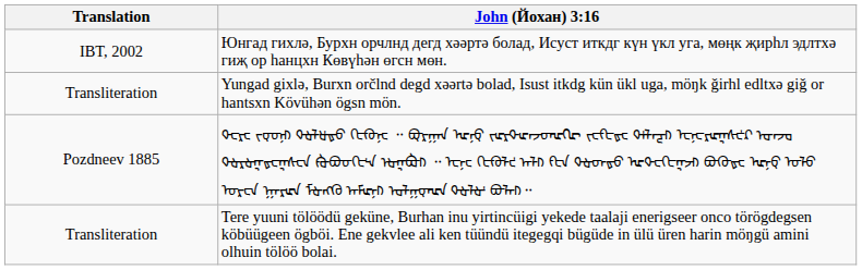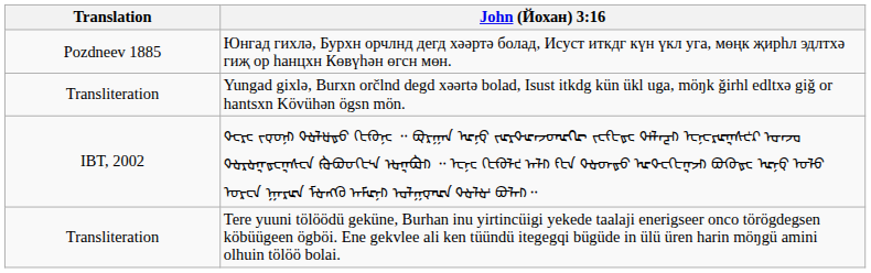 <table class="wikitable">
 <tr>
 <th style="text-align:center; width:25%;">Translation</th>
 <th><a href='#'>John</a> (Йохан) 3:16</th>
 </tr>
 <tr>
-<td style="text-align:center;">IBT, 2002</td>
+<td style="text-align:center;">Pozdneev 1885</td>
 <td>Юнгад гихлә, Бурхн орчлнд дегд хәәртә болад, Исуст иткдг күн үкл уга, мөңк җирһл эдлтхә гиҗ ор һанцхн Көвүһән өгсн мөн.</td>
 </tr>
 <tr>
 <td style="text-align:center;">Transliteration</td>
 <td>Yungad gixlә, Burxn orčlnd degd xәәrtә bolad, Isust itkdg kün ükl uga, möŋk ǧirhl edltxә giǧ or hantsxn Kövühәn ögsn mön.</td>
 </tr>
 <tr>
-<td style="text-align:center;">Pozdneev 1885</td>
+<td style="text-align:center;">IBT, 2002</td>
 <td>ᡐᡄᠷᡄ ᡕᡇᡇᠨᡅ ᡐᡈᠯᡈᡃᡑᡉ ᡎᡄᡍᡉᠨᡄ ᠃ ᡋᡇᠷᡍᠠᠨ ᡅᠨᡇ ᡕᡅᠷᡐᡅᠨᡔᡉᡅᡎᡅ ᡕᡄᡍᡄᡑᡄ ᡐᠠᡃᠯᠠᡓᡅ ᡄᠨᡄᠷᡅᡎᠰᡄᡃᠷ ᡆᠨᡔᡆ ᡐᡈᠷᡈᡎᡑᡄᡎᠰᡄᠨ ᡍᡈᡋᡉᡉᡎᡄᡃᠨ ᡈᡎᡋᡈᡅ ᠃ ᡄᠨᡄ ᡎᡄᡍᡉᠯᡄᡃ ᠠᠯᡅ ᡍᡄᠨ ᡐᡈᡉᠨᡑᡉ ᡅᡐᡄᡎᡄᡎᡔᡅ ᡋᡉᡎᡉᡑᡄ ᡅᠨᡇ ᡉᠯᡉ ᡉᠷᡄᠨ ᡍᠠᠷᡅᠨ ᡏᡈᡊᡎᡉ ᠠᡏᡅᠨᡅ ᡆᠯᡍᡇᡅᠨ ᡐᡈᠯᡈᡃ ᡋᡉᠯᠠᡅ᠃</td>
 </tr>
 <tr>
 <td style="text-align:center;">Transliteration</td>
 <td>Tere yuuni tölöödü geküne, Burhan inu yirtincüigi yekede taalaji enerigseer onco törögdegsen köbüügeen ögböi. Ene gekvlee ali ken tüündü itegegqi bügüde in ülü üren harin möŋgü amini olhuin tölöö bolai.</td>
 </tr>
 </table>
